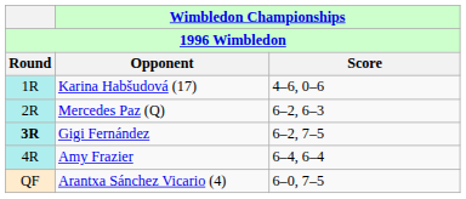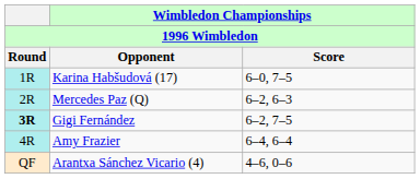 <table class="wikitable collapsible collapsed">
 <tr>
 <th></th>
 <th colspan=2 style="background:#cfc;"><a href='#'>Wimbledon Championships</a></th>
 </tr>
 <tr>
 <th colspan=3 style="background:#cfc;"><a href='#'>1996 Wimbledon</a></th>
 </tr>
 <tr>
 <th>Round</th>
 <th width=225>Opponent</th>
 <th width=200>Score</th>
 </tr>
 <tr>
 <td style="text-align:center; background:#afeeee;">1R</td>
 <td> <a href='#'>Karina Habšudová</a> (17)</td>
-<td>4–6, 0–6</td>
+<td>6–0, 7–5</td>
 </tr>
 <tr>
 <td style="text-align:center; background:#afeeee;">2R</td>
 <td> <a href='#'>Mercedes Paz</a> (Q)</td>
 <td>6–2, 6–3</td>
 </tr>
 <tr>
 <td style="text-align:center; background:#afeeee;"><strong>3R</strong></td>
 <td> <a href='#'>Gigi Fernández</a></td>
 <td>6–2, 7–5</td>
 </tr>
 <tr>
 <td style="text-align:center; background:#afeeee;">4R</td>
 <td> <a href='#'>Amy Frazier</a></td>
 <td>6–4, 6–4</td>
 </tr>
 <tr>
 <td style="text-align:center; background:#ffebcd;">QF</td>
 <td> <a href='#'>Arantxa Sánchez Vicario</a> (4)</td>
-<td>6–0, 7–5</td>
+<td>4–6, 0–6</td>
 </tr>
 </table>
